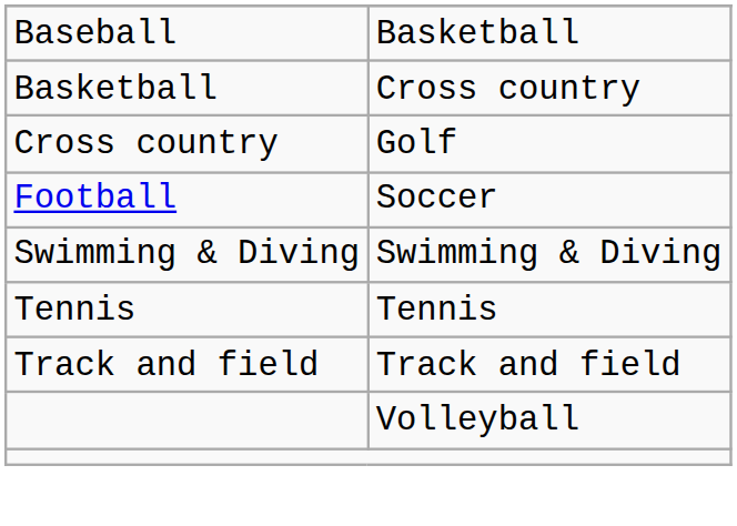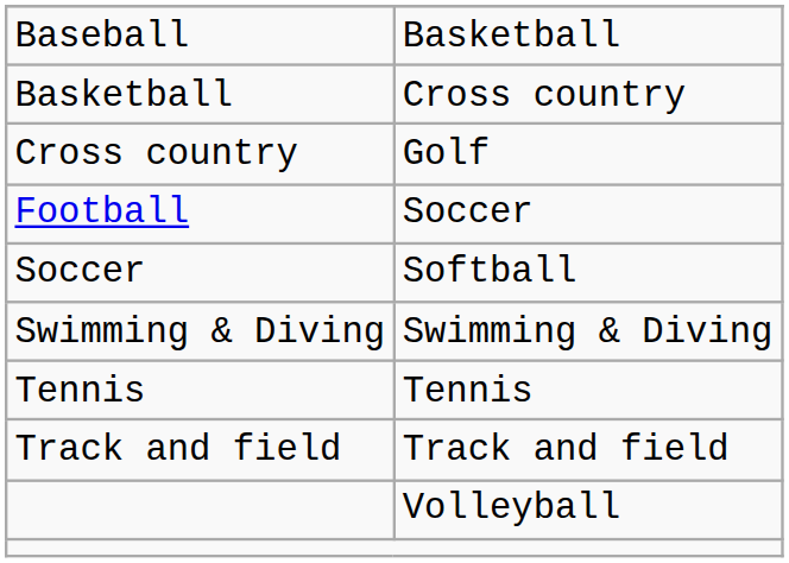 <table class="wikitable" style=" ">
 <tr>
 </tr>
 <tr>
 <td>Baseball</td>
 <td>Basketball</td>
 </tr>
 <tr>
 <td>Basketball</td>
 <td>Cross country</td>
 </tr>
 <tr>
 <td>Cross country</td>
 <td>Golf</td>
 </tr>
 <tr>
 <td><a href='#'>Football</a></td>
 <td>Soccer</td>
+</tr>
+<tr>
+<td>Soccer</td>
+<td>Softball</td>
 </tr>
 <tr>
 <td>Swimming & Diving</td>
 <td>Swimming & Diving</td>
 </tr>
 <tr>
 <td>Tennis</td>
 <td>Tennis</td>
 </tr>
 <tr>
 <td>Track and field</td>
 <td>Track and field</td>
 </tr>
 <tr>
 <td></td>
 <td>Volleyball</td>
 </tr>
 <tr>
 <td colspan="2"></td>
 </tr>
 </table>
